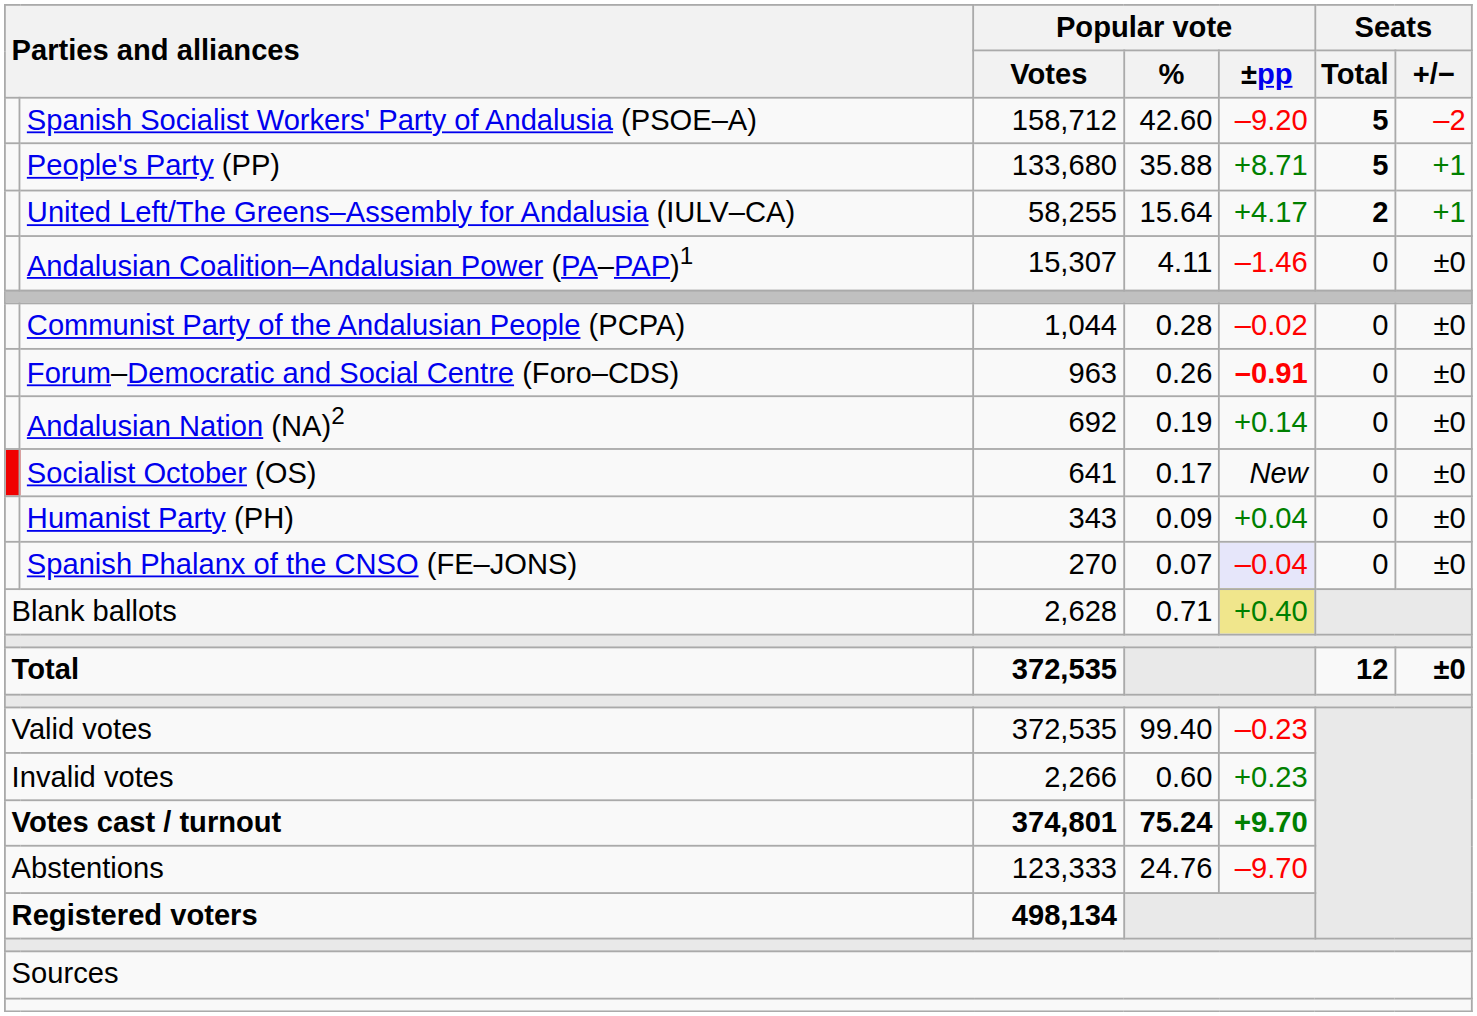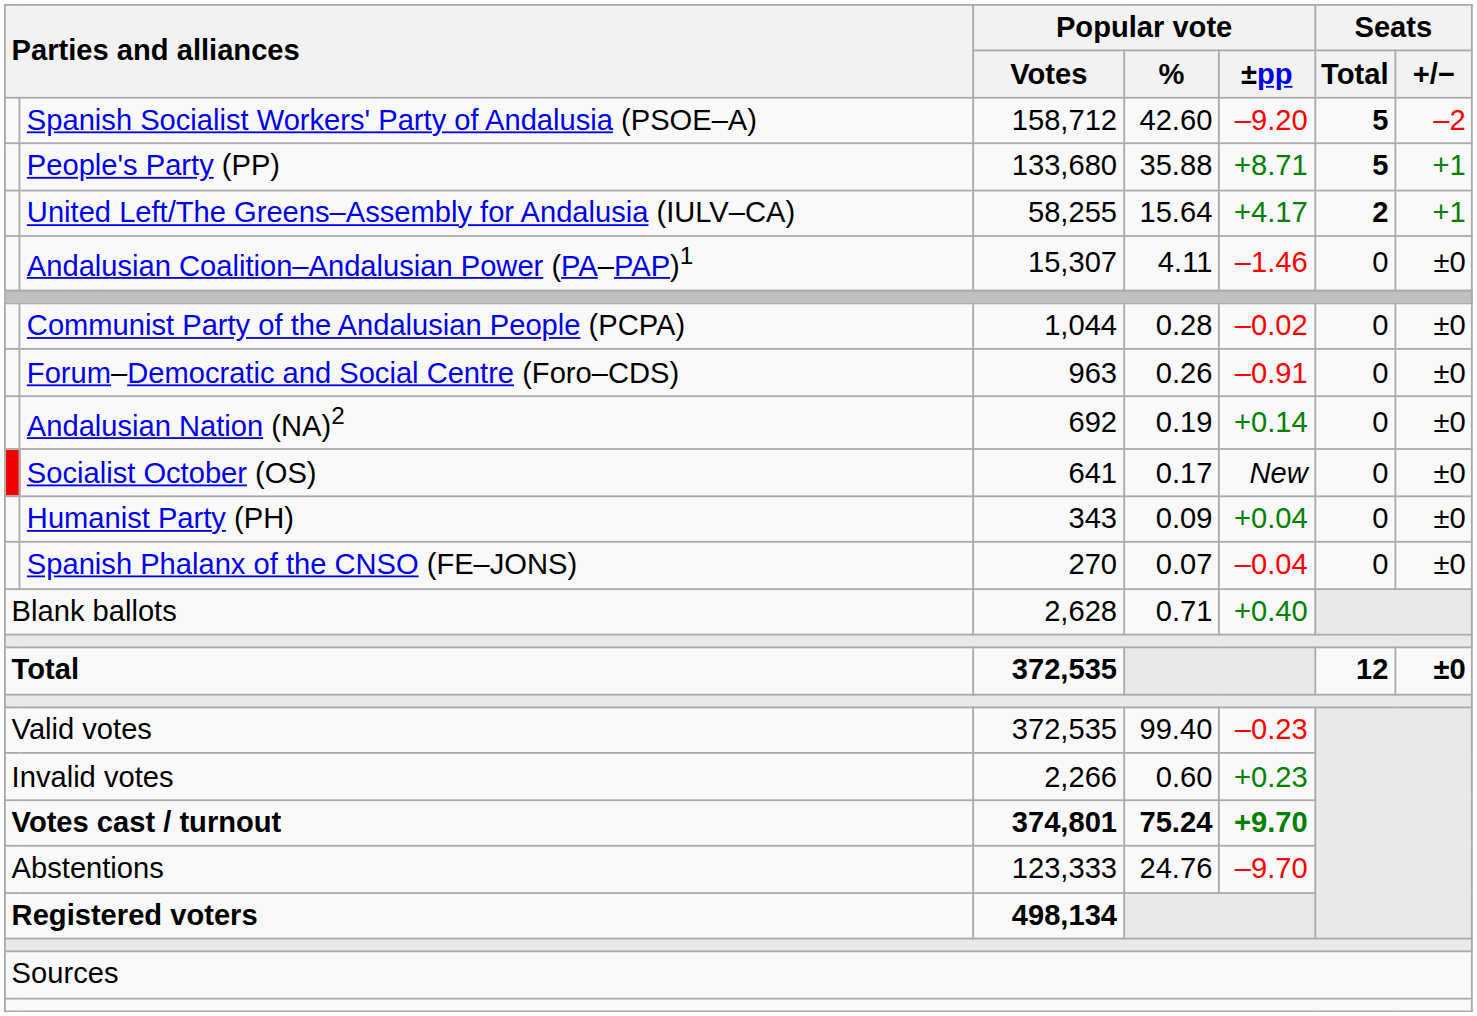 <table class="wikitable" style="text-align:right;">
 <tr>
 <th style="text-align:left;" rowspan="2" colspan="2" width="525">Parties and alliances</th>
 <th colspan="3">Popular vote</th>
 <th colspan="2">Seats</th>
 </tr>
 <tr>
 <th width="75">Votes</th>
 <th width="45">%</th>
 <th width="45">±<a href='#'>pp</a></th>
 <th width="35">Total</th>
 <th width="35">+/−</th>
 </tr>
 <tr>
 <td width="1" style="color:inherit;background:"></td>
 <td align="left"><a href='#'>Spanish Socialist Workers' Party of Andalusia</a> (PSOE–A)</td>
 <td>158,712</td>
 <td>42.60</td>
 <td style="color:red;">–9.20</td>
 <td><strong>5</strong></td>
 <td style="color:red;">–2</td>
 </tr>
 <tr>
 <td style="color:inherit;background:"></td>
 <td align="left"><a href='#'>People's Party</a> (PP)</td>
 <td>133,680</td>
 <td>35.88</td>
 <td style="color:green;">+8.71</td>
 <td><strong>5</strong></td>
 <td style="color:green;">+1</td>
 </tr>
 <tr>
 <td style="color:inherit;background:"></td>
 <td align="left"><a href='#'>United Left/The Greens–Assembly for Andalusia</a> (IULV–CA)</td>
 <td>58,255</td>
 <td>15.64</td>
 <td style="color:green;">+4.17</td>
 <td><strong>2</strong></td>
 <td style="color:green;">+1</td>
 </tr>
 <tr>
 <td style="color:inherit;background:"></td>
 <td align="left"><a href='#'>Andalusian Coalition–Andalusian Power</a> (<a href='#'>PA</a>–<a href='#'>PAP</a>)<sup>1</sup></td>
 <td>15,307</td>
 <td>4.11</td>
 <td style="color:red;">–1.46</td>
 <td>0</td>
 <td>±0</td>
 </tr>
 <tr>
 <td colspan="7" bgcolor="#C0C0C0"></td>
 </tr>
 <tr>
 <td style="color:inherit;background:"></td>
 <td align="left"><a href='#'>Communist Party of the Andalusian People</a> (PCPA)</td>
 <td>1,044</td>
 <td>0.28</td>
 <td style="color:red;">–0.02</td>
 <td>0</td>
 <td>±0</td>
 </tr>
 <tr>
 <td style="color:inherit;background:"></td>
 <td align="left"><a href='#'>Forum</a>–<a href='#'>Democratic and Social Centre</a> (Foro–CDS)</td>
 <td>963</td>
 <td>0.26</td>
-<td style="color:red;"><strong>–0.91</strong></td>
+<td style="color:red;">–0.91</td>
 <td>0</td>
 <td>±0</td>
 </tr>
 <tr>
 <td style="color:inherit;background:"></td>
 <td align="left"><a href='#'>Andalusian Nation</a> (NA)<sup>2</sup></td>
 <td>692</td>
 <td>0.19</td>
 <td style="color:green;">+0.14</td>
 <td>0</td>
 <td>±0</td>
 </tr>
 <tr>
 <td bgcolor="#F00000"></td>
 <td align="left"><a href='#'>Socialist October</a> (OS)</td>
 <td>641</td>
 <td>0.17</td>
 <td><em>New</em></td>
 <td>0</td>
 <td>±0</td>
 </tr>
 <tr>
 <td style="color:inherit;background:"></td>
 <td align="left"><a href='#'>Humanist Party</a> (PH)</td>
 <td>343</td>
 <td>0.09</td>
 <td style="color:green;">+0.04</td>
 <td>0</td>
 <td>±0</td>
 </tr>
 <tr>
 <td style="color:inherit;background:"></td>
 <td align="left"><a href='#'>Spanish Phalanx of the CNSO</a> (FE–JONS)</td>
 <td>270</td>
 <td>0.07</td>
-<td style="background: lavender; color:red;">–0.04</td>
+<td style="color:red;">–0.04</td>
 <td>0</td>
 <td>±0</td>
 </tr>
 <tr>
 <td align="left" colspan="2">Blank ballots</td>
 <td>2,628</td>
 <td>0.71</td>
-<td style="background: khaki; color:green;">+0.40</td>
+<td style="color:green;">+0.40</td>
 <td bgcolor="#E9E9E9" colspan="2"></td>
 </tr>
 <tr>
 <td colspan="7" bgcolor="#E9E9E9"></td>
 </tr>
 <tr style="font-weight:bold;">
 <td align="left" colspan="2">Total</td>
 <td>372,535</td>
 <td bgcolor="#E9E9E9" colspan="2"></td>
 <td>12</td>
 <td>±0</td>
 </tr>
 <tr>
 <td colspan="7" bgcolor="#E9E9E9"></td>
 </tr>
 <tr>
 <td align="left" colspan="2">Valid votes</td>
 <td>372,535</td>
 <td>99.40</td>
 <td style="color:red;">–0.23</td>
 <td bgcolor="#E9E9E9" colspan="2" rowspan="5"></td>
 </tr>
 <tr>
 <td align="left" colspan="2">Invalid votes</td>
 <td>2,266</td>
 <td>0.60</td>
 <td style="color:green;">+0.23</td>
 </tr>
 <tr style="font-weight:bold;">
 <td align="left" colspan="2">Votes cast / turnout</td>
 <td>374,801</td>
 <td>75.24</td>
 <td style="color:green;">+9.70</td>
 </tr>
 <tr>
 <td align="left" colspan="2">Abstentions</td>
 <td>123,333</td>
 <td>24.76</td>
 <td style="color:red;">–9.70</td>
 </tr>
 <tr style="font-weight:bold;">
 <td align="left" colspan="2">Registered voters</td>
 <td>498,134</td>
 <td bgcolor="#E9E9E9" colspan="2"></td>
 </tr>
 <tr>
 <td colspan="7" bgcolor="#E9E9E9"></td>
 </tr>
 <tr>
 <td align="left" colspan="7">Sources</td>
 </tr>
 <tr>
 <td colspan="7" style="text-align:left; max-width:790px;"></td>
 </tr>
 </table>
